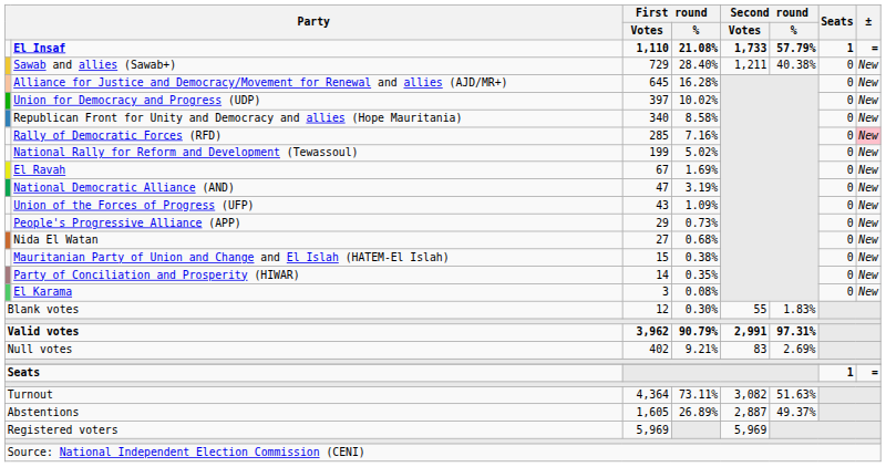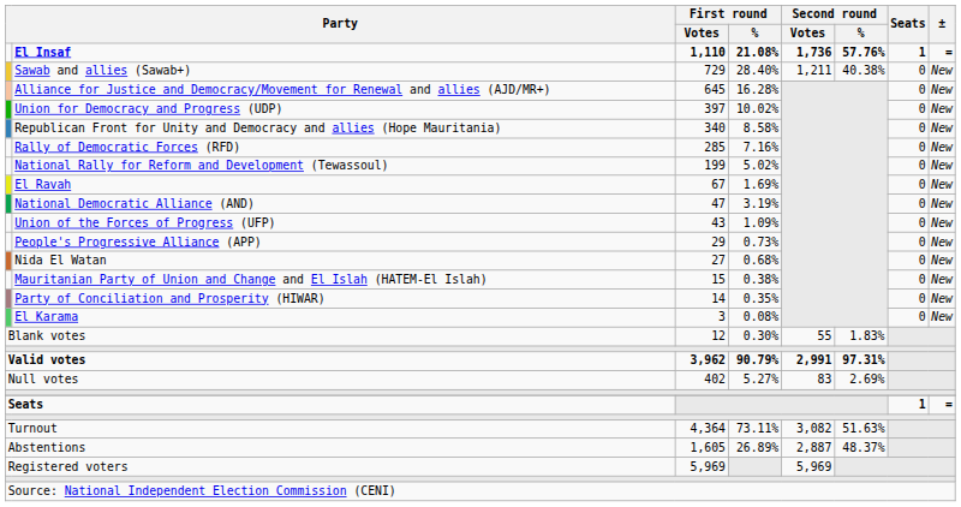 <table class="wikitable" style="text-align:right;font-size:95%;">
 <tr>
 <th rowspan="2" colspan="2" width="700">Party</th>
 <th colspan="2">First round</th>
 <th colspan="2">Second round</th>
 <th rowspan="2" width="25">Seats</th>
 <th rowspan="2" width="20">±</th>
 </tr>
 <tr>
 <th width="50">Votes</th>
 <th width="50">%</th>
 <th width="50">Votes</th>
 <th width="50">%</th>
 </tr>
 <tr>
 <td width="1" style="color:inherit;background:"></td>
 <td style="text-align:left;"><strong><a href='#'>El Insaf</a></strong></td>
 <td><strong>1,110</strong></td>
 <td><strong>21.08%</strong></td>
-<td><strong>1,733</strong></td>
-<td><strong>57.79%</strong></td>
+<td><strong>1,736</strong></td>
+<td><strong>57.76%</strong></td>
 <td><strong>1</strong></td>
 <td><strong>=</strong></td>
 </tr>
 <tr>
 <td width="1" style="color:inherit;background:#F0C832;"></td>
 <td style="text-align:left;"><a href='#'>Sawab</a> and <a href='#'>allies</a> (Sawab+)</td>
 <td>729</td>
 <td>28.40%</td>
 <td>1,211</td>
 <td>40.38%</td>
 <td>0</td>
 <td><em>New</em></td>
 </tr>
 <tr>
 <td width="1" style="color:inherit;background:#F8C3A0;"></td>
 <td style="text-align:left;"><a href='#'>Alliance for Justice and Democracy/Movement for Renewal</a> and <a href='#'>allies</a> (AJD/MR+)</td>
 <td>645</td>
 <td>16.28%</td>
 <td colspan="2" rowspan="13" style="background:#E9E9E9;"></td>
 <td>0</td>
 <td><em>New</em></td>
 </tr>
 <tr>
 <td width="1" style="color:inherit;background:#0FAF05;"></td>
 <td style="text-align:left;"><a href='#'>Union for Democracy and Progress</a> (UDP)</td>
 <td>397</td>
 <td>10.02%</td>
 <td>0</td>
 <td><em>New</em></td>
 </tr>
 <tr>
 <td width="1" style="color:inherit;background:#3080B7;"></td>
 <td style="text-align:left;">Republican Front for Unity and Democracy and <a href='#'>allies</a> (Hope Mauritania)</td>
 <td>340</td>
 <td>8.58%</td>
 <td>0</td>
 <td><em>New</em></td>
 </tr>
 <tr>
 <td width="1" style="color:inherit;background:"></td>
 <td style="text-align:left;"><a href='#'>Rally of Democratic Forces</a> (RFD)</td>
 <td>285</td>
 <td>7.16%</td>
 <td>0</td>
-<td style="background: pink;"><em>New</em></td>
+<td><em>New</em></td>
 </tr>
 <tr>
 <td width="1" style="color:inherit;background:"></td>
 <td style="text-align:left;"><a href='#'>National Rally for Reform and Development</a> (Tewassoul)</td>
 <td>199</td>
 <td>5.02%</td>
 <td>0</td>
 <td><em>New</em></td>
 </tr>
 <tr>
 <td width="1" style="color:inherit;background:#E7EB16;"></td>
 <td style="text-align:left;"><a href='#'>El Ravah</a></td>
 <td>67</td>
 <td>1.69%</td>
 <td>0</td>
 <td><em>New</em></td>
 </tr>
 <tr>
 <td width="1" style="color:inherit;background:#0AA450;"></td>
 <td style="text-align:left;"><a href='#'>National Democratic Alliance</a> (AND)</td>
 <td>47</td>
 <td>3.19%</td>
 <td>0</td>
 <td><em>New</em></td>
 </tr>
 <tr>
 <td width="1" style="color:inherit;background:"></td>
 <td style="text-align:left;"><a href='#'>Union of the Forces of Progress</a> (UFP)</td>
 <td>43</td>
 <td>1.09%</td>
 <td>0</td>
 <td><em>New</em></td>
 </tr>
 <tr>
 <td width="1" style="color:inherit;background:"></td>
 <td style="text-align:left;"><a href='#'>People's Progressive Alliance</a> (APP)</td>
 <td>29</td>
 <td>0.73%</td>
 <td>0</td>
 <td><em>New</em></td>
 </tr>
 <tr>
 <td width="1" style="color:inherit;background:#C96A2F;"></td>
 <td style="text-align:left;">Nida El Watan</td>
 <td>27</td>
 <td>0.68%</td>
 <td>0</td>
 <td><em>New</em></td>
 </tr>
 <tr>
 <td width="1" style="color:inherit;background:"></td>
 <td style="text-align:left;"><a href='#'>Mauritanian Party of Union and Change</a> and <a href='#'>El Islah</a> (HATEM-El Islah)</td>
 <td>15</td>
 <td>0.38%</td>
 <td>0</td>
 <td><em>New</em></td>
 </tr>
 <tr>
 <td width="1" style="color:inherit;background:#A47A7E;"></td>
 <td style="text-align:left;"><a href='#'>Party of Conciliation and Prosperity</a> (HIWAR)</td>
 <td>14</td>
 <td>0.35%</td>
 <td>0</td>
 <td><em>New</em></td>
 </tr>
 <tr>
 <td width="1" style="color:inherit;background:#4FCB68;"></td>
 <td style="text-align:left;"><a href='#'>El Karama</a></td>
 <td>3</td>
 <td>0.08%</td>
 <td>0</td>
 <td><em>New</em></td>
 </tr>
 <tr>
 <td colspan="2" style="text-align:left;">Blank votes</td>
 <td>12</td>
 <td>0.30%</td>
 <td>55</td>
 <td>1.83%</td>
 <td colspan="2" style="background:#E9E9E9;"></td>
 </tr>
 <tr>
 <td colspan="8" style="background:#E9E9E9;"></td>
 </tr>
 <tr style="font-weight:bold;">
 <td colspan="2" style="text-align:left;">Valid votes</td>
 <td>3,962</td>
 <td>90.79%</td>
 <td>2,991</td>
 <td>97.31%</td>
 <td colspan="2" style="background:#E9E9E9;"></td>
 </tr>
 <tr>
 <td colspan="2" style="text-align:left;">Null votes</td>
 <td>402</td>
-<td>9.21%</td>
+<td>5.27%</td>
 <td>83</td>
 <td>2.69%</td>
 <td colspan="2" style="background:#E9E9E9;"></td>
 </tr>
 <tr>
 <td colspan="8" style="background:#E9E9E9;"></td>
 </tr>
 <tr>
 </tr>
 <tr style="font-weight:bold;">
 <td colspan="2" style="text-align:left;">Seats</td>
 <td colspan="4" style="background:#E9E9E9;"></td>
 <td>1</td>
 <td>=</td>
 </tr>
 <tr>
 <td colspan="8" style="background:#E9E9E9;"></td>
 </tr>
 <tr>
 <td colspan="2" style="text-align:left;">Turnout</td>
 <td>4,364</td>
 <td>73.11%</td>
 <td>3,082</td>
 <td>51.63%</td>
 <td colspan="2" style="background:#E9E9E9;"></td>
 </tr>
 <tr>
 <td colspan="2" style="text-align:left;">Abstentions</td>
 <td>1,605</td>
 <td>26.89%</td>
 <td>2,887</td>
-<td>49.37%</td>
+<td>48.37%</td>
 <td colspan="2" style="background:#E9E9E9;"></td>
 </tr>
 <tr>
 <td colspan="2" style="text-align:left;">Registered voters</td>
 <td>5,969</td>
 <td style="color:inherit;background:#E9E9E9;"></td>
 <td>5,969</td>
 <td colspan="3" style="background:#E9E9E9;"></td>
 </tr>
 <tr>
 <td colspan="8" style="background:#E9E9E9;"></td>
 </tr>
 <tr>
 <td colspan="8" style="text-align:left;">Source: <a href='#'>National Independent Election Commission</a> (CENI)</td>
 </tr>
 </table>
